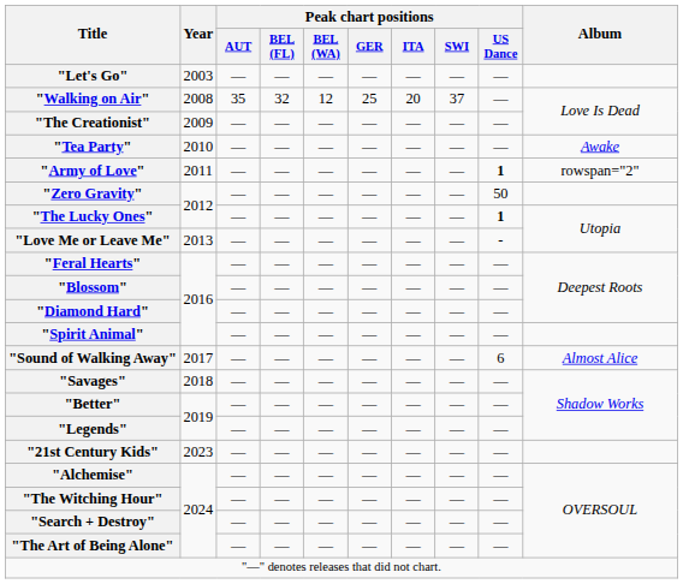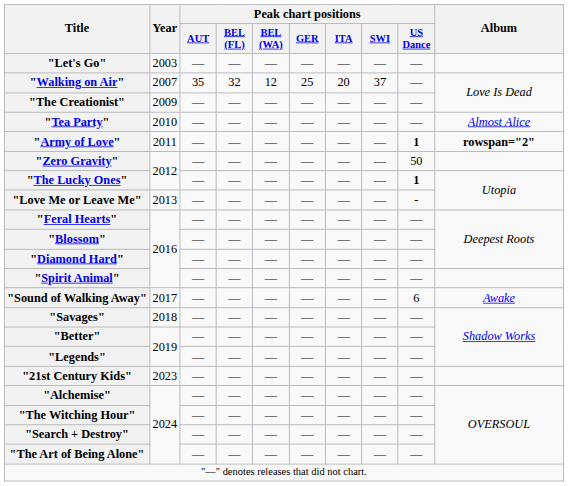 <table class="wikitable plainrowheaders" style="text-align:center">
 <tr>
 <th scope="col" rowspan="2">Title</th>
 <th scope="col" rowspan="2">Year</th>
 <th scope="col" colspan="7">Peak chart positions</th>
 <th scope="col" rowspan="2" style="width:10em;">Album</th>
 </tr>
 <tr>
 <th style="width:3em;font-size:85%"><a href='#'>AUT</a><br></th>
 <th style="width:3em;font-size:85%"><a href='#'>BEL (FL)</a><br></th>
 <th style="width:3em;font-size:85%"><a href='#'>BEL (WA)</a><br></th>
 <th style="width:3em;font-size:85%"><a href='#'>GER</a><br></th>
 <th style="width:3em;font-size:85%"><a href='#'>ITA</a><br></th>
 <th style="width:3em;font-size:85%"><a href='#'>SWI</a><br></th>
 <th style="width:3em;font-size:85%"><a href='#'>US<br>Dance</a><br></th>
 </tr>
 <tr>
 <th scope="row">"Let's Go"<br></th>
 <td>2003</td>
 <td>—</td>
 <td>—</td>
 <td>—</td>
 <td>—</td>
 <td>—</td>
 <td>—</td>
 <td>—</td>
 <td></td>
 </tr>
 <tr>
 <th scope="row">"<a href='#'>Walking on Air</a>"</th>
-<td>2008</td>
+<td>2007</td>
 <td>35</td>
 <td>32</td>
 <td>12</td>
 <td>25</td>
 <td>20</td>
 <td>37</td>
 <td>—</td>
 <td rowspan="2"><em>Love Is Dead</em></td>
 </tr>
 <tr>
 <th scope="row">"The Creationist"<br></th>
 <td>2009</td>
 <td>—</td>
 <td>—</td>
 <td>—</td>
 <td>—</td>
 <td>—</td>
 <td>—</td>
 <td>—</td>
 </tr>
 <tr>
 <th scope="row">"<a href='#'>Tea Party</a>"</th>
 <td>2010</td>
 <td>—</td>
 <td>—</td>
 <td>—</td>
 <td>—</td>
 <td>—</td>
 <td>—</td>
 <td>—</td>
-<td><em><a href='#'>Awake</a></em></td>
+<td><em><a href='#'>Almost Alice</a></em></td>
 </tr>
 <tr>
 <th scope="row">"<a href='#'>Army of Love</a>"</th>
 <td>2011</td>
 <td>—</td>
 <td>—</td>
 <td>—</td>
 <td>—</td>
 <td>—</td>
 <td>—</td>
 <td><strong>1</strong></td>
-<td>rowspan="2" </td>
+<td><strong>rowspan="2" </strong></td>
 </tr>
 <tr>
 <th scope="row">"<a href='#'>Zero Gravity</a>"</th>
 <td rowspan="2">2012</td>
 <td>—</td>
 <td>—</td>
 <td>—</td>
 <td>—</td>
 <td>—</td>
 <td>—</td>
 <td>50</td>
 </tr>
 <tr>
 <th scope="row">"<a href='#'>The Lucky Ones</a>"</th>
 <td>—</td>
 <td>—</td>
 <td>—</td>
 <td>—</td>
 <td>—</td>
 <td>—</td>
 <td><strong>1</strong></td>
 <td rowspan=2><em>Utopia</em></td>
 </tr>
 <tr>
 <th scope="row">"Love Me or Leave Me"</th>
 <td>2013</td>
 <td>—</td>
 <td>—</td>
 <td>—</td>
 <td>—</td>
 <td>—</td>
 <td>—</td>
 <td>-</td>
 </tr>
 <tr>
 <th scope="row">"<a href='#'>Feral Hearts</a>"</th>
 <td rowspan="4">2016</td>
 <td>—</td>
 <td>—</td>
 <td>—</td>
 <td>—</td>
 <td>—</td>
 <td>—</td>
 <td>—</td>
 <td rowspan="3"><em>Deepest Roots</em></td>
 </tr>
 <tr>
 <th scope="row">"<a href='#'>Blossom</a>"</th>
 <td>—</td>
 <td>—</td>
 <td>—</td>
 <td>—</td>
 <td>—</td>
 <td>—</td>
 <td>—</td>
 </tr>
 <tr>
 <th scope="row">"<a href='#'>Diamond Hard</a>"</th>
 <td>—</td>
 <td>—</td>
 <td>—</td>
 <td>—</td>
 <td>—</td>
 <td>—</td>
 <td>—</td>
 </tr>
 <tr>
 <th scope="row">"<a href='#'>Spirit Animal</a>"</th>
 <td>—</td>
 <td>—</td>
 <td>—</td>
 <td>—</td>
 <td>—</td>
 <td>—</td>
 <td>—</td>
 <td></td>
 </tr>
 <tr>
 <th scope="row">"Sound of Walking Away"<br></th>
 <td>2017</td>
 <td>—</td>
 <td>—</td>
 <td>—</td>
 <td>—</td>
 <td>—</td>
 <td>—</td>
 <td>6</td>
-<td><em><a href='#'>Almost Alice</a></em></td>
+<td><em><a href='#'>Awake</a></em></td>
 </tr>
 <tr>
 <th scope="row">"Savages"</th>
 <td>2018</td>
 <td>—</td>
 <td>—</td>
 <td>—</td>
 <td>—</td>
 <td>—</td>
 <td>—</td>
 <td>—</td>
 <td rowspan="3"><em><a href='#'>Shadow Works</a></em></td>
 </tr>
 <tr>
 <th scope="row">"Better"</th>
 <td rowspan="2">2019</td>
 <td>—</td>
 <td>—</td>
 <td>—</td>
 <td>—</td>
 <td>—</td>
 <td>—</td>
 <td>—</td>
 </tr>
 <tr>
 <th scope="row">"Legends"</th>
 <td>—</td>
 <td>—</td>
 <td>—</td>
 <td>—</td>
 <td>—</td>
 <td>—</td>
 <td>—</td>
 </tr>
 <tr>
 <th scope="row">"21st Century Kids"</th>
 <td>2023</td>
 <td>—</td>
 <td>—</td>
 <td>—</td>
 <td>—</td>
 <td>—</td>
 <td>—</td>
 <td>—</td>
 <td></td>
 </tr>
 <tr>
 <th scope="row">"Alchemise"</th>
 <td rowspan=4>2024</td>
 <td>—</td>
 <td>—</td>
 <td>—</td>
 <td>—</td>
 <td>—</td>
 <td>—</td>
 <td>—</td>
 <td rowspan=4><em>OVERSOUL</em></td>
 </tr>
 <tr>
 <th scope="row">"The Witching Hour"</th>
 <td>—</td>
 <td>—</td>
 <td>—</td>
 <td>—</td>
 <td>—</td>
 <td>—</td>
 <td>—</td>
 </tr>
 <tr>
 <th scope="row">"Search + Destroy"</th>
 <td>—</td>
 <td>—</td>
 <td>—</td>
 <td>—</td>
 <td>—</td>
 <td>—</td>
 <td>—</td>
 </tr>
 <tr>
 <th scope="row">"The Art of Being Alone"</th>
 <td>—</td>
 <td>—</td>
 <td>—</td>
 <td>—</td>
 <td>—</td>
 <td>—</td>
 <td>—</td>
 </tr>
 <tr>
 <td colspan="14" style="font-size: 85%">"—" denotes releases that did not chart.</td>
 </tr>
 </table>
